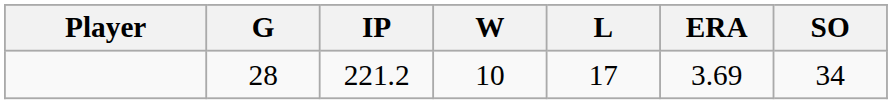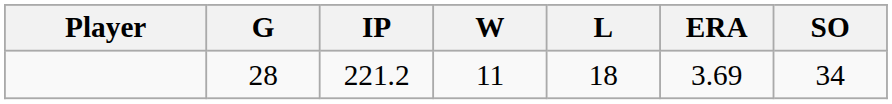 <table class="wikitable sortable">
 <tr>
 <th bgcolor="#DDDDFF" width="16%">Player</th>
 <th bgcolor="#DDDDFF" width="9%">G</th>
 <th bgcolor="#DDDDFF" width="9%">IP</th>
 <th bgcolor="#DDDDFF" width="9%">W</th>
 <th bgcolor="#DDDDFF" width="9%">L</th>
 <th bgcolor="#DDDDFF" width="9%">ERA</th>
 <th bgcolor="#DDDDFF" width="9%">SO</th>
 </tr>
 <tr align="center">
 <td></td>
 <td>28</td>
 <td>221.2</td>
-<td>10</td>
-<td>17</td>
+<td>11</td>
+<td>18</td>
 <td>3.69</td>
 <td>34</td>
 </tr>
 </table>
